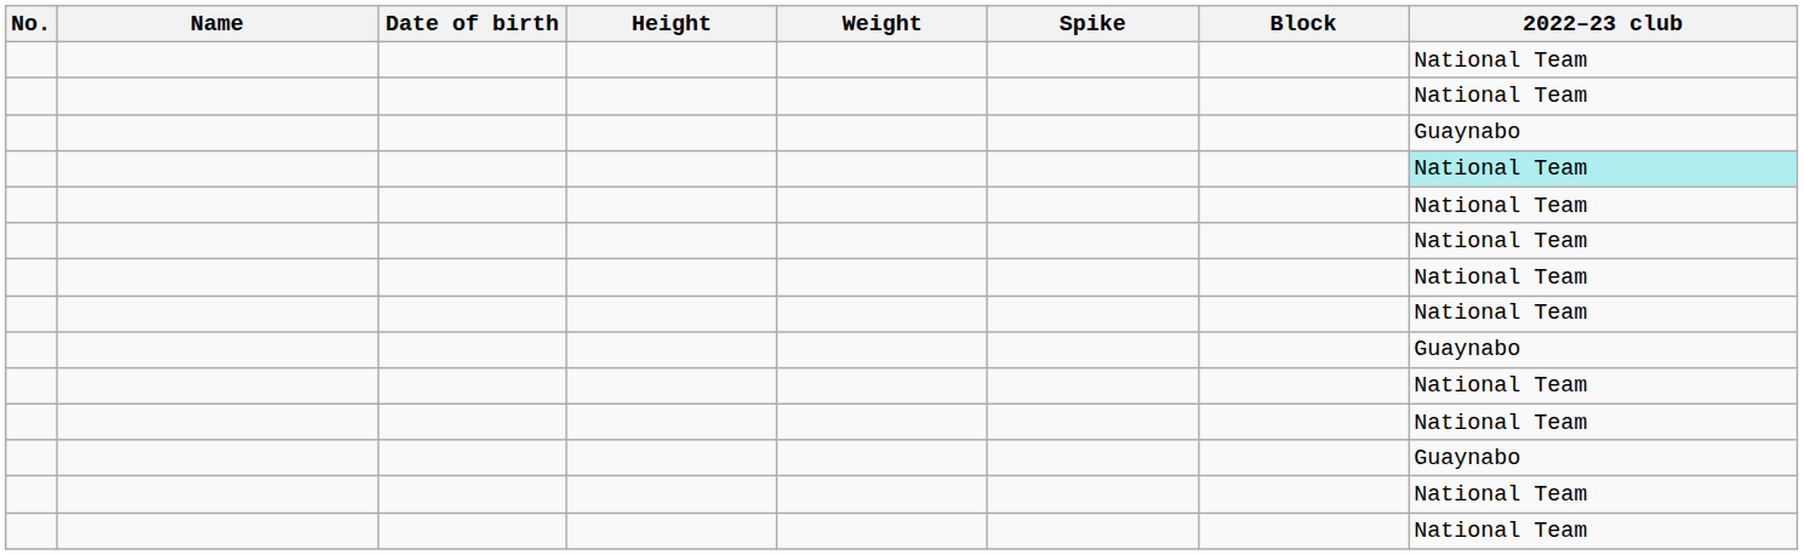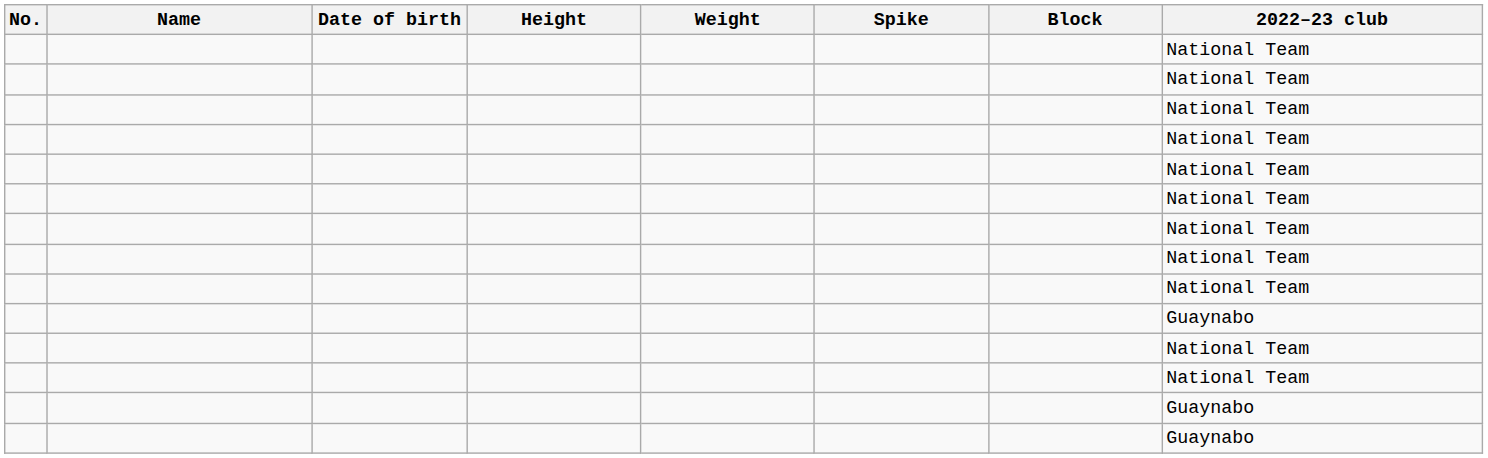 <table class="wikitable sortable" style="font-size:100%; text-align:center;">
 <tr>
 <th>No.</th>
 <th style="width:14em">Name</th>
 <th style="width:8em">Date of birth</th>
 <th style="width:9em">Height</th>
 <th style="width:9em">Weight</th>
 <th style="width:9em">Spike</th>
 <th style="width:9em">Block</th>
 <th style="width:17em">2022–23 club</th>
 </tr>
 <tr>
 <td></td>
 <td align=left></td>
 <td align=right></td>
 <td></td>
 <td></td>
 <td></td>
 <td></td>
 <td align=left> National Team</td>
 </tr>
 <tr>
 <td></td>
 <td align=left></td>
 <td align=right></td>
 <td></td>
 <td></td>
 <td></td>
 <td></td>
 <td align=left> National Team</td>
 </tr>
 <tr>
 <td></td>
 <td align=left></td>
 <td align=right></td>
 <td></td>
 <td></td>
 <td></td>
 <td></td>
-<td align=left> Guaynabo</td>
+<td align=left> National Team</td>
 </tr>
 <tr>
 <td></td>
 <td align=left></td>
 <td align=right></td>
 <td></td>
 <td></td>
 <td></td>
 <td></td>
-<td align=left style="background: paleturquoise;"> National Team</td>
+<td align=left> National Team</td>
+</tr>
+<tr>
+<td></td>
+<td align=left></td>
+<td align=right></td>
+<td></td>
+<td></td>
+<td></td>
+<td></td>
+<td align=left> National Team</td>
 </tr>
 <tr>
 <td></td>
 <td align=left></td>
 <td align=right></td>
 <td></td>
 <td></td>
 <td></td>
 <td></td>
 <td align=left> National Team</td>
 </tr>
 <tr>
 <td></td>
 <td align=left></td>
 <td align=right></td>
 <td></td>
 <td></td>
 <td></td>
 <td></td>
 <td align=left> National Team</td>
 </tr>
 <tr>
 <td></td>
 <td align=left></td>
 <td align=right></td>
 <td></td>
 <td></td>
 <td></td>
 <td></td>
 <td align=left> National Team</td>
 </tr>
 <tr>
 <td></td>
 <td align=left></td>
 <td align=right></td>
 <td></td>
 <td></td>
 <td></td>
 <td></td>
 <td align=left> National Team</td>
 </tr>
 <tr>
 <td></td>
 <td align=left></td>
 <td align=right></td>
 <td></td>
 <td></td>
 <td></td>
 <td></td>
 <td align=left> Guaynabo</td>
 </tr>
 <tr>
 <td></td>
 <td align=left></td>
 <td align=right></td>
 <td></td>
 <td></td>
 <td></td>
 <td></td>
 <td align=left> National Team</td>
 </tr>
 <tr>
 <td></td>
 <td align=left></td>
 <td align=right></td>
 <td></td>
 <td></td>
 <td></td>
 <td></td>
 <td align=left> National Team</td>
 </tr>
 <tr>
 <td></td>
 <td align=left></td>
 <td align=right></td>
 <td></td>
 <td></td>
 <td></td>
 <td></td>
 <td align=left> Guaynabo</td>
 </tr>
 <tr>
 <td></td>
 <td align=left></td>
 <td align=right></td>
 <td></td>
 <td></td>
 <td></td>
 <td></td>
-<td align=left> National Team</td>
-</tr>
-<tr>
-<td></td>
-<td align=left></td>
-<td align=right></td>
-<td></td>
-<td></td>
-<td></td>
-<td></td>
-<td align=left> National Team</td>
+<td align=left> Guaynabo</td>
 </tr>
 </table>
